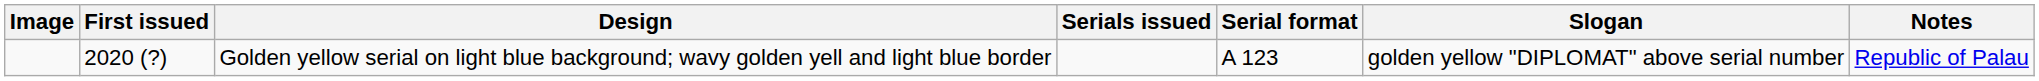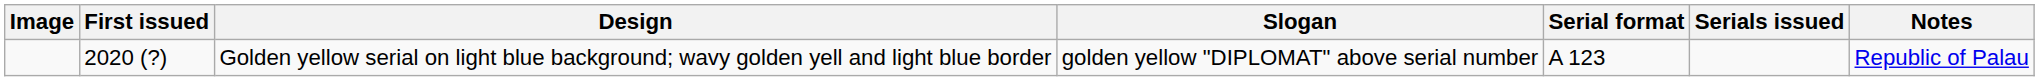 <table class="wikitable sortable">
 <tr>
 <th>Image</th>
 <th>First issued</th>
 <th>Design</th>
+<th>Slogan</th>
+<th>Serial format</th>
 <th>Serials issued</th>
-<th>Serial format</th>
-<th>Slogan</th>
 <th>Notes</th>
 </tr>
 <tr>
 <td></td>
 <td>2020 (?)</td>
 <td>Golden yellow serial on light blue background; wavy golden yell and light blue border</td>
+<td>golden yellow "DIPLOMAT" above serial number</td>
+<td>A 123</td>
 <td></td>
-<td>A 123</td>
-<td>golden yellow "DIPLOMAT" above serial number</td>
 <td><a href='#'>Republic of Palau</a></td>
 </tr>
 </table>
